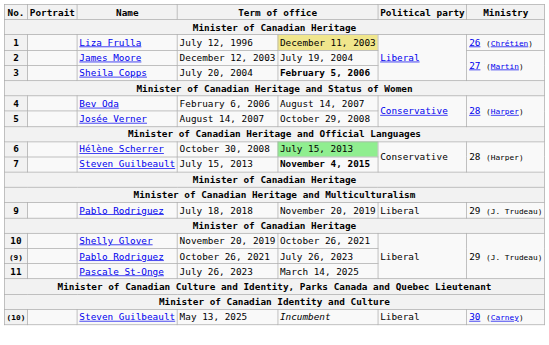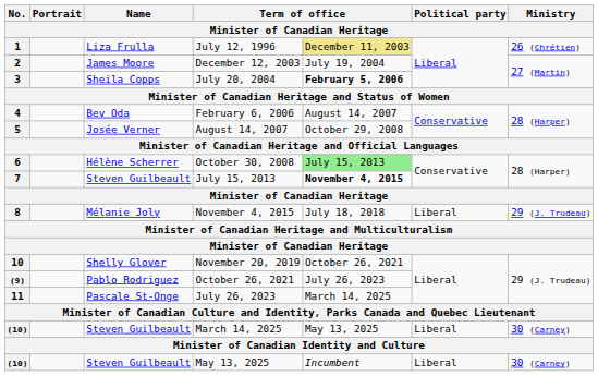 <table class="wikitable">
 <tr>
 <th>No.</th>
 <th>Portrait</th>
 <th>Name</th>
 <th colspan=2>Term of office</th>
 <th>Political party</th>
 <th>Ministry</th>
 </tr>
 <tr>
 <th colspan=7>Minister of Canadian Heritage</th>
 </tr>
 <tr>
 <th style="background:">1</th>
 <td></td>
 <td><a href='#'>Liza Frulla</a></td>
 <td>July 12, 1996</td>
 <td style="background: khaki;">December 11, 2003</td>
 <td rowspan=3><a href='#'>Liberal</a></td>
 <td><a href='#'>26</a> <small>(<a href='#'>Chrétien</a>)</small></td>
 </tr>
 <tr>
 <th style="background:">2</th>
 <td></td>
 <td><a href='#'>James Moore</a></td>
 <td>December 12, 2003</td>
 <td>July 19, 2004</td>
 <td rowspan=2><a href='#'>27</a> <small>(<a href='#'>Martin</a>)</small></td>
 </tr>
 <tr>
 <th style="background:">3</th>
 <td></td>
 <td><a href='#'>Sheila Copps</a></td>
 <td>July 20, 2004</td>
 <td><strong>February 5, 2006</strong></td>
 </tr>
 <tr>
 <th colspan=7>Minister of Canadian Heritage and Status of Women</th>
 </tr>
 <tr>
 <th style="background:">4</th>
 <td></td>
 <td><a href='#'>Bev Oda</a></td>
 <td>February 6, 2006</td>
 <td>August 14, 2007</td>
 <td rowspan=2><a href='#'>Conservative</a></td>
 <td rowspan=2><a href='#'>28</a> <small>(<a href='#'>Harper</a>)</small></td>
 </tr>
 <tr>
 <th style="background:">5</th>
 <td></td>
 <td><a href='#'>Josée Verner</a></td>
 <td>August 14, 2007</td>
 <td>October 29, 2008</td>
 </tr>
 <tr>
 <th colspan=7>Minister of Canadian Heritage and Official Languages</th>
 </tr>
 <tr>
 <th style="background:">6</th>
 <td></td>
 <td><a href='#'>Hélène Scherrer</a></td>
 <td>October 30, 2008</td>
 <td style="background: lightgreen;">July 15, 2013</td>
 <td rowspan=2>Conservative</td>
 <td rowspan=2>28 <small>(Harper)</small></td>
 </tr>
 <tr>
 <th style="background:">7</th>
 <td></td>
 <td><a href='#'>Steven Guilbeault</a></td>
 <td>July 15, 2013</td>
 <td><strong>November 4, 2015</strong></td>
 </tr>
 <tr>
 <th colspan=7>Minister of Canadian Heritage</th>
 </tr>
 <tr>
-<th colspan=7>Minister of Canadian Heritage and Multiculturalism</th>
+<th style="background:">8</th>
+<td></td>
+<td><a href='#'>Mélanie Joly</a></td>
+<td>November 4, 2015</td>
+<td>July 18, 2018</td>
+<td rowspan=1>Liberal</td>
+<td rowspan=1><a href='#'>29</a> <small>(<a href='#'>J. Trudeau</a>)</small></td>
 </tr>
 <tr>
-<th style="background:">9</th>
-<td></td>
-<td><a href='#'>Pablo Rodriguez</a></td>
-<td>July 18, 2018</td>
-<td>November 20, 2019</td>
-<td rowspan=1>Liberal</td>
-<td rowspan=1>29 <small>(J. Trudeau)</small></td>
+<th colspan=7>Minister of Canadian Heritage and Multiculturalism</th>
 </tr>
 <tr>
 <th colspan=7>Minister of Canadian Heritage</th>
 </tr>
 <tr>
 <th style="background:">10</th>
 <td></td>
 <td><a href='#'>Shelly Glover</a></td>
 <td>November 20, 2019</td>
 <td>October 26, 2021</td>
 <td rowspan=3>Liberal</td>
 <td rowspan=3>29 <small>(J. Trudeau)</small></td>
 </tr>
 <tr>
 <th style="background:"><small>(9)</small></th>
 <td></td>
 <td><a href='#'>Pablo Rodriguez</a></td>
 <td>October 26, 2021</td>
 <td>July 26, 2023</td>
 </tr>
 <tr>
 <th style="background:">11</th>
 <td></td>
 <td><a href='#'>Pascale St-Onge</a></td>
 <td>July 26, 2023</td>
 <td>March 14, 2025</td>
 </tr>
 <tr>
 <th colspan=7>Minister of Canadian Culture and Identity, Parks Canada and Quebec Lieutenant</th>
 </tr>
 <tr>
+<th style="background:"><small>(10)</small></th>
+<td></td>
+<td><a href='#'>Steven Guilbeault</a></td>
+<td>March 14, 2025</td>
+<td>May 13, 2025</td>
+<td>Liberal</td>
+<td><a href='#'>30</a> <small>(<a href='#'>Carney</a>)</small></td>
+</tr>
+<tr>
 <th colspan="7">Minister of Canadian Identity and Culture</th>
 </tr>
 <tr>
 <th style="background:"><small>(10)</small></th>
 <td></td>
 <td><a href='#'>Steven Guilbeault</a></td>
 <td>May 13, 2025</td>
 <td><em>Incumbent</em></td>
 <td>Liberal</td>
 <td><a href='#'>30</a> <small>(<a href='#'>Carney</a>)</small></td>
 </tr>
 </table>
